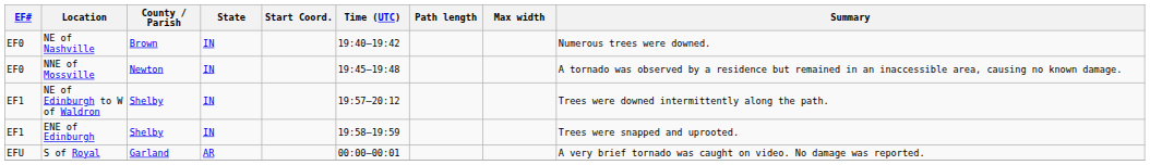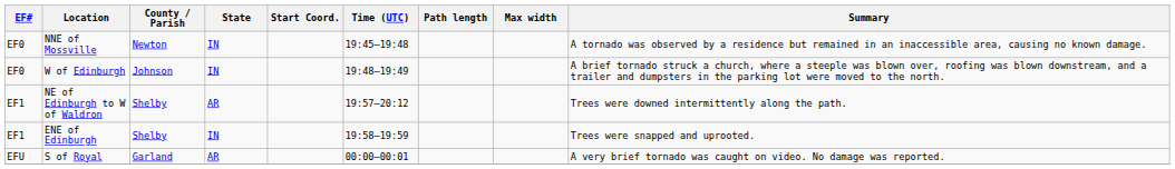 <table class="wikitable sortable" style="width:100%;">
 <tr>
 <th scope="col"  style="width:3%; text-align:center;"><a href='#'>EF#</a></th>
 <th scope="col"  style="width:7%; text-align:center;" class="unsortable">Location</th>
 <th scope="col"  style="width:6%; text-align:center;" class="unsortable">County / Parish</th>
 <th scope="col"  style="width:5%; text-align:center;">State</th>
 <th scope="col"  style="width:6%; text-align:center;">Start Coord.</th>
 <th scope="col"  style="width:6%; text-align:center;">Time (<a href='#'>UTC</a>)</th>
 <th scope="col"  style="width:6%; text-align:center;">Path length</th>
 <th scope="col"  style="width:6%; text-align:center;">Max width</th>
 <th scope="col" class="unsortable" style="width:48%; text-align:center;">Summary</th>
 </tr>
 <tr>
 <td>EF0</td>
-<td>NE of <a href='#'>Nashville</a></td>
-<td><a href='#'>Brown</a></td>
-<td><a href='#'>IN</a></td>
-<td></td>
-<td>19:40–19:42</td>
-<td></td>
-<td></td>
-<td>Numerous trees were downed.</td>
-</tr>
-<tr>
-<td>EF0</td>
 <td>NNE of <a href='#'>Mossville</a></td>
 <td><a href='#'>Newton</a></td>
 <td><a href='#'>IN</a></td>
 <td></td>
 <td>19:45–19:48</td>
 <td></td>
 <td></td>
 <td>A tornado was observed by a residence but remained in an inaccessible area, causing no known damage.</td>
 </tr>
 <tr>
+<td>EF0</td>
+<td>W of <a href='#'>Edinburgh</a></td>
+<td><a href='#'>Johnson</a></td>
+<td><a href='#'>IN</a></td>
+<td></td>
+<td>19:48–19:49</td>
+<td></td>
+<td></td>
+<td>A brief tornado struck a church, where a steeple was blown over, roofing was blown downstream, and a trailer and dumpsters in the parking lot were moved to the north.</td>
+</tr>
+<tr>
 <td>EF1</td>
 <td>NE of <a href='#'>Edinburgh</a> to W of <a href='#'>Waldron</a></td>
 <td><a href='#'>Shelby</a></td>
-<td><a href='#'>IN</a></td>
+<td><a href='#'>AR</a></td>
 <td></td>
 <td>19:57–20:12</td>
 <td></td>
 <td></td>
 <td>Trees were downed intermittently along the path.</td>
 </tr>
 <tr>
 <td>EF1</td>
 <td>ENE of <a href='#'>Edinburgh</a></td>
 <td><a href='#'>Shelby</a></td>
 <td><a href='#'>IN</a></td>
 <td></td>
 <td>19:58–19:59</td>
 <td></td>
 <td></td>
 <td>Trees were snapped and uprooted.</td>
 </tr>
 <tr>
 <td>EFU</td>
 <td>S of <a href='#'>Royal</a></td>
 <td><a href='#'>Garland</a></td>
 <td><a href='#'>AR</a></td>
 <td></td>
 <td>00:00–00:01</td>
 <td></td>
 <td></td>
 <td>A very brief tornado was caught on video. No damage was reported.</td>
 </tr>
 <tr>
 </tr>
 </table>
